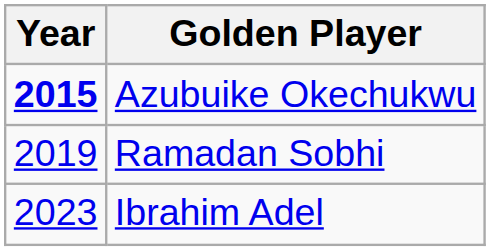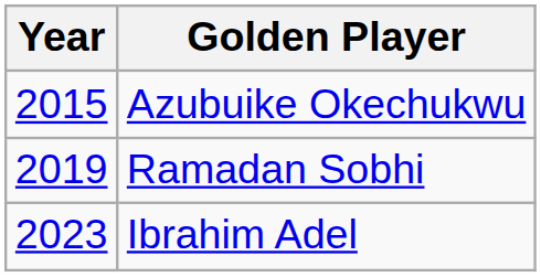 <table class=wikitable>
 <tr>
 <th>Year</th>
 <th>Golden Player</th>
 </tr>
 <tr>
-<td><strong><a href='#'>2015</a></strong></td>
+<td><a href='#'>2015</a></td>
 <td> <a href='#'>Azubuike Okechukwu</a></td>
 </tr>
 <tr>
 <td><a href='#'>2019</a></td>
 <td> <a href='#'>Ramadan Sobhi</a></td>
 </tr>
 <tr>
 <td><a href='#'>2023</a></td>
 <td> <a href='#'>Ibrahim Adel</a></td>
 </tr>
 </table>
